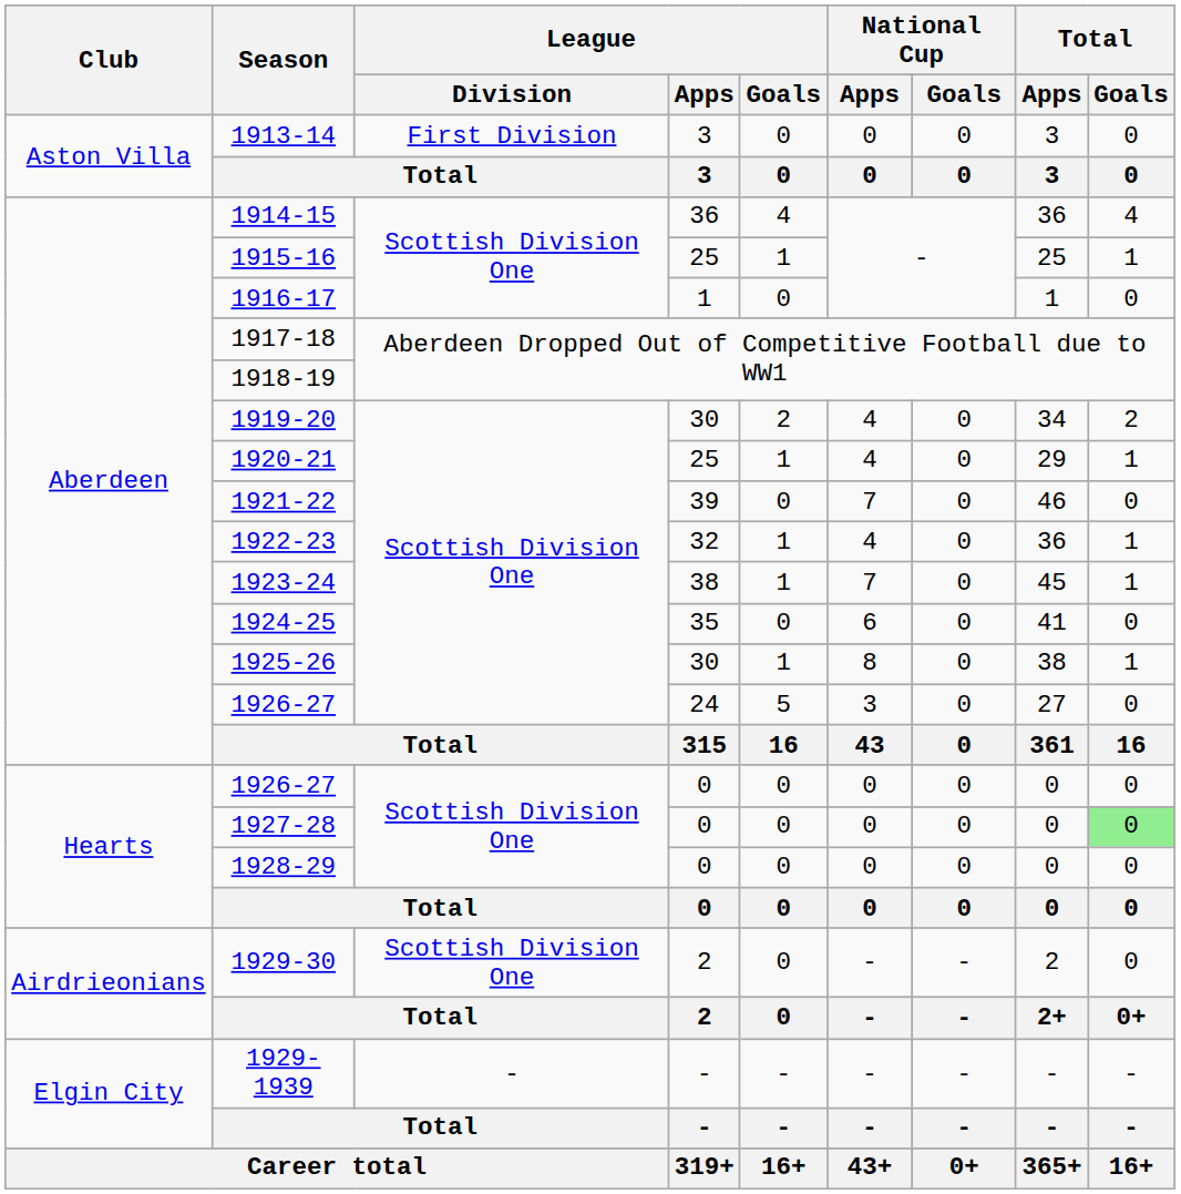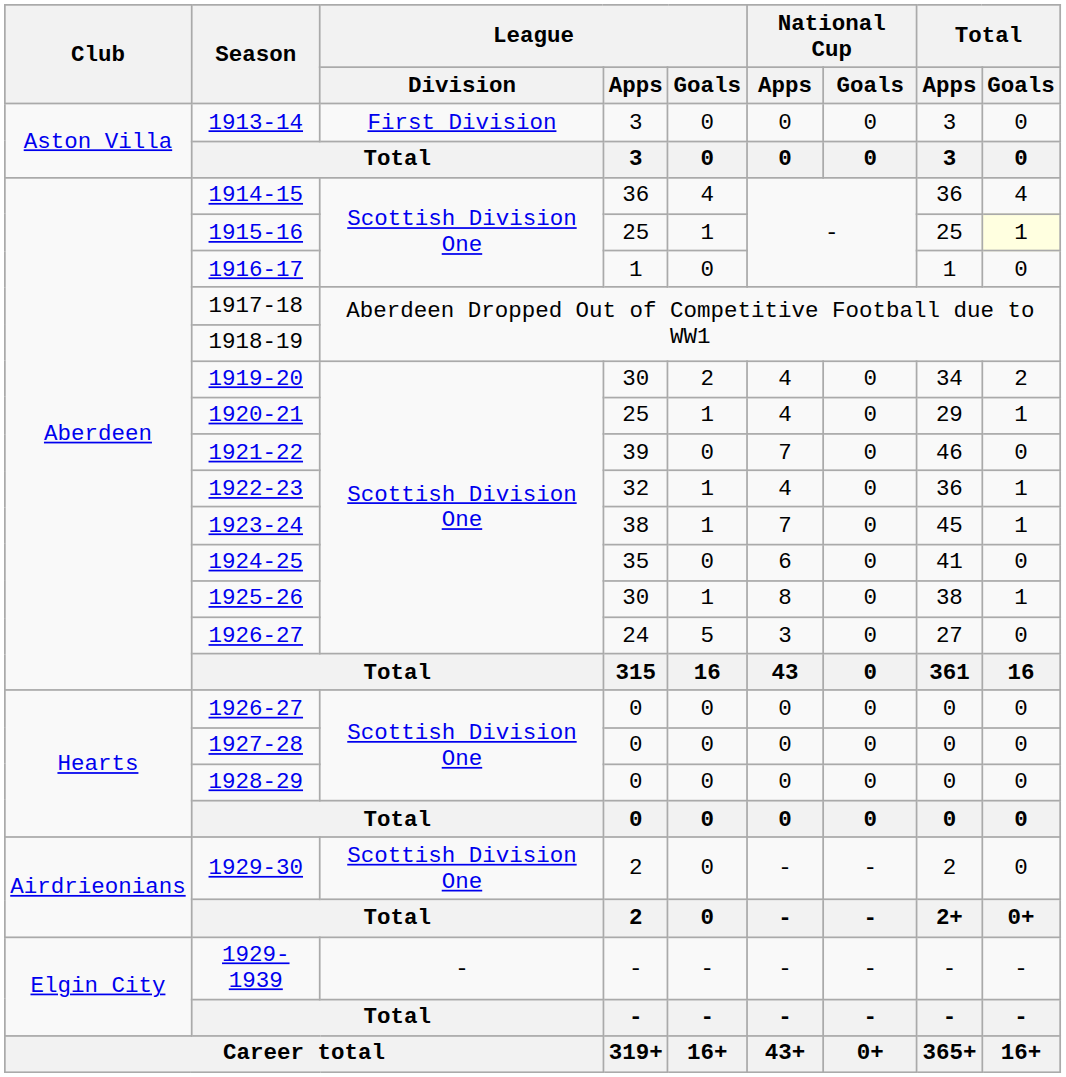 <table class="wikitable" style="text-align:center">
 <tr>
 <th rowspan="2">Club</th>
 <th rowspan="2">Season</th>
 <th colspan="3">League</th>
 <th colspan="2">National Cup</th>
 <th colspan="2">Total</th>
 </tr>
 <tr>
 <th>Division</th>
 <th>Apps</th>
 <th>Goals</th>
 <th>Apps</th>
 <th>Goals</th>
 <th>Apps</th>
 <th>Goals</th>
 </tr>
 <tr>
 <td rowspan="2"><a href='#'>Aston Villa</a></td>
 <td><a href='#'>1913-14</a></td>
 <td><a href='#'>First Division</a></td>
 <td>3</td>
 <td>0</td>
 <td>0</td>
 <td>0</td>
 <td>3</td>
 <td>0</td>
 </tr>
 <tr>
 <th colspan="2">Total</th>
 <th>3</th>
 <th>0</th>
 <th>0</th>
 <th>0</th>
 <th>3</th>
 <th>0</th>
 </tr>
 <tr>
 <td rowspan="14"><a href='#'>Aberdeen</a></td>
 <td><a href='#'>1914-15</a></td>
 <td rowspan="3"><a href='#'>Scottish Division One</a></td>
 <td>36</td>
 <td>4</td>
 <td colspan="2" rowspan="3">-</td>
 <td>36</td>
 <td>4</td>
 </tr>
 <tr>
 <td><a href='#'>1915-16</a></td>
 <td>25</td>
 <td>1</td>
 <td>25</td>
-<td>1</td>
+<td style="background: lightyellow;">1</td>
 </tr>
 <tr>
 <td><a href='#'>1916-17</a></td>
 <td>1</td>
 <td>0</td>
 <td>1</td>
 <td>0</td>
 </tr>
 <tr>
 <td>1917-18</td>
 <td colspan="7" rowspan="2">Aberdeen Dropped Out of Competitive Football due to WW1</td>
 </tr>
 <tr>
 <td>1918-19</td>
 </tr>
 <tr>
 <td><a href='#'>1919-20</a></td>
 <td rowspan="8"><a href='#'>Scottish Division One</a></td>
 <td>30</td>
 <td>2</td>
 <td>4</td>
 <td>0</td>
 <td>34</td>
 <td>2</td>
 </tr>
 <tr>
 <td><a href='#'>1920-21</a></td>
 <td>25</td>
 <td>1</td>
 <td>4</td>
 <td>0</td>
 <td>29</td>
 <td>1</td>
 </tr>
 <tr>
 <td><a href='#'>1921-22</a></td>
 <td>39</td>
 <td>0</td>
 <td>7</td>
 <td>0</td>
 <td>46</td>
 <td>0</td>
 </tr>
 <tr>
 <td><a href='#'>1922-23</a></td>
 <td>32</td>
 <td>1</td>
 <td>4</td>
 <td>0</td>
 <td>36</td>
 <td>1</td>
 </tr>
 <tr>
 <td><a href='#'>1923-24</a></td>
 <td>38</td>
 <td>1</td>
 <td>7</td>
 <td>0</td>
 <td>45</td>
 <td>1</td>
 </tr>
 <tr>
 <td><a href='#'>1924-25</a></td>
 <td>35</td>
 <td>0</td>
 <td>6</td>
 <td>0</td>
 <td>41</td>
 <td>0</td>
 </tr>
 <tr>
 <td><a href='#'>1925-26</a></td>
 <td>30</td>
 <td>1</td>
 <td>8</td>
 <td>0</td>
 <td>38</td>
 <td>1</td>
 </tr>
 <tr>
 <td><a href='#'>1926-27</a></td>
 <td>24</td>
 <td>5</td>
 <td>3</td>
 <td>0</td>
 <td>27</td>
 <td>0</td>
 </tr>
 <tr>
 <th colspan="2">Total</th>
 <th>315</th>
 <th>16</th>
 <th>43</th>
 <th>0</th>
 <th>361</th>
 <th>16</th>
 </tr>
 <tr>
 <td rowspan="4"><a href='#'>Hearts</a></td>
 <td><a href='#'>1926-27</a></td>
 <td rowspan="3"><a href='#'>Scottish Division One</a></td>
 <td>0</td>
 <td>0</td>
 <td>0</td>
 <td>0</td>
 <td>0</td>
 <td>0</td>
 </tr>
 <tr>
 <td><a href='#'>1927-28</a></td>
 <td>0</td>
 <td>0</td>
 <td>0</td>
 <td>0</td>
 <td>0</td>
-<td style="background: lightgreen;">0</td>
+<td>0</td>
 </tr>
 <tr>
 <td><a href='#'>1928-29</a></td>
 <td>0</td>
 <td>0</td>
 <td>0</td>
 <td>0</td>
 <td>0</td>
 <td>0</td>
 </tr>
 <tr>
 <th colspan="2">Total</th>
 <th>0</th>
 <th>0</th>
 <th>0</th>
 <th>0</th>
 <th>0</th>
 <th>0</th>
 </tr>
 <tr>
 <td rowspan="2"><a href='#'>Airdrieonians</a></td>
 <td><a href='#'>1929-30</a></td>
 <td><a href='#'>Scottish Division One</a></td>
 <td>2</td>
 <td>0</td>
 <td>-</td>
 <td>-</td>
 <td>2</td>
 <td>0</td>
 </tr>
 <tr>
 <th colspan="2">Total</th>
 <th>2</th>
 <th>0</th>
 <th>-</th>
 <th>-</th>
 <th>2+</th>
 <th>0+</th>
 </tr>
 <tr>
 <td rowspan="2"><a href='#'>Elgin City</a></td>
 <td><a href='#'>1929-1939</a></td>
 <td>-</td>
 <td>-</td>
 <td>-</td>
 <td>-</td>
 <td>-</td>
 <td>-</td>
 <td>-</td>
 </tr>
 <tr>
 <th colspan="2">Total</th>
 <th>-</th>
 <th>-</th>
 <th>-</th>
 <th>-</th>
 <th>-</th>
 <th>-</th>
 </tr>
 <tr>
 <th colspan="3">Career total</th>
 <th>319+</th>
 <th>16+</th>
 <th>43+</th>
 <th>0+</th>
 <th>365+</th>
 <th>16+</th>
 </tr>
 </table>
